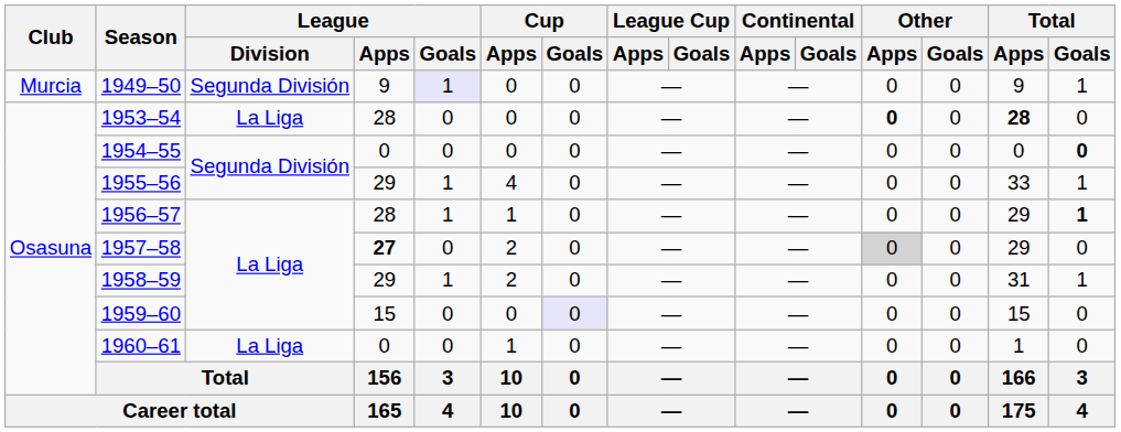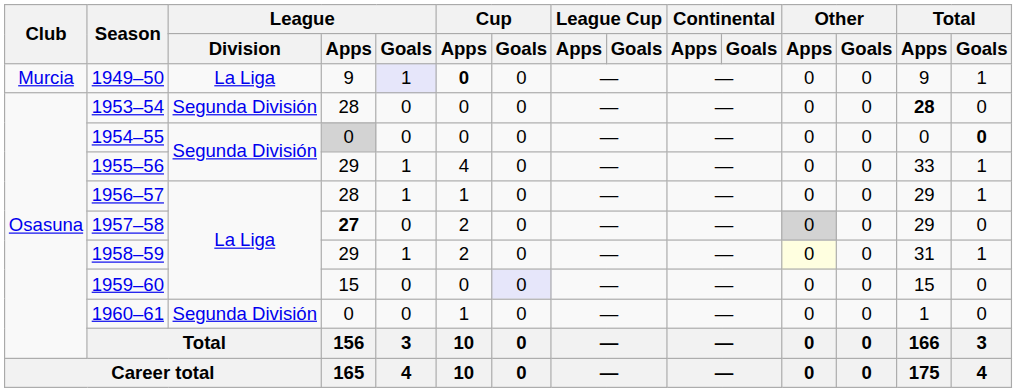 <table class="wikitable" style="text-align:center">
 <tr>
 <th rowspan="2">Club</th>
 <th rowspan="2">Season</th>
 <th colspan="3">League</th>
 <th colspan="2">Cup</th>
 <th colspan="2">League Cup</th>
 <th colspan="2">Continental</th>
 <th colspan="2">Other</th>
 <th colspan="2">Total</th>
 </tr>
 <tr>
 <th>Division</th>
 <th>Apps</th>
 <th>Goals</th>
 <th>Apps</th>
 <th>Goals</th>
 <th>Apps</th>
 <th>Goals</th>
 <th>Apps</th>
 <th>Goals</th>
 <th>Apps</th>
 <th>Goals</th>
 <th>Apps</th>
 <th>Goals</th>
 </tr>
 <tr>
 <td rowspan="1"><a href='#'>Murcia</a></td>
 <td><a href='#'>1949–50</a></td>
-<td rowspan="1"><a href='#'>Segunda División</a></td>
+<td rowspan="1"><a href='#'>La Liga</a></td>
 <td>9</td>
 <td style="background: lavender;">1</td>
-<td>0</td>
+<td><strong>0</strong></td>
 <td>0</td>
 <td colspan="2">—</td>
 <td colspan="2">—</td>
 <td>0</td>
 <td>0</td>
 <td>9</td>
 <td>1</td>
 </tr>
 <tr>
 <td rowspan="9"><a href='#'>Osasuna</a></td>
 <td><a href='#'>1953–54</a></td>
-<td rowspan="1"><a href='#'>La Liga</a></td>
+<td rowspan="1"><a href='#'>Segunda División</a></td>
 <td>28</td>
 <td>0</td>
 <td>0</td>
 <td>0</td>
 <td colspan="2">—</td>
 <td colspan="2">—</td>
-<td><strong>0</strong></td>
+<td>0</td>
 <td>0</td>
 <td><strong>28</strong></td>
 <td>0</td>
 </tr>
 <tr>
 <td><a href='#'>1954–55</a></td>
 <td rowspan="2"><a href='#'>Segunda División</a></td>
-<td>0</td>
+<td style="background: lightgrey;">0</td>
 <td>0</td>
 <td>0</td>
 <td>0</td>
 <td colspan="2">—</td>
 <td colspan="2">—</td>
 <td>0</td>
 <td>0</td>
 <td>0</td>
 <td><strong>0</strong></td>
 </tr>
 <tr>
 <td><a href='#'>1955–56</a></td>
 <td>29</td>
 <td>1</td>
 <td>4</td>
 <td>0</td>
 <td colspan="2">—</td>
 <td colspan="2">—</td>
 <td>0</td>
 <td>0</td>
 <td>33</td>
 <td>1</td>
 </tr>
 <tr>
 <td><a href='#'>1956–57</a></td>
 <td rowspan="4"><a href='#'>La Liga</a></td>
 <td>28</td>
 <td>1</td>
 <td>1</td>
 <td>0</td>
 <td colspan="2">—</td>
 <td colspan="2">—</td>
 <td>0</td>
 <td>0</td>
 <td>29</td>
-<td><strong>1</strong></td>
+<td>1</td>
 </tr>
 <tr>
 <td><a href='#'>1957–58</a></td>
 <td><strong>27</strong></td>
 <td>0</td>
 <td>2</td>
 <td>0</td>
 <td colspan="2">—</td>
 <td colspan="2">—</td>
 <td style="background: lightgrey;">0</td>
 <td>0</td>
 <td>29</td>
 <td>0</td>
 </tr>
 <tr>
 <td><a href='#'>1958–59</a></td>
 <td>29</td>
 <td>1</td>
 <td>2</td>
 <td>0</td>
 <td colspan="2">—</td>
 <td colspan="2">—</td>
-<td>0</td>
+<td style="background: lightyellow;">0</td>
 <td>0</td>
 <td>31</td>
 <td>1</td>
 </tr>
 <tr>
 <td><a href='#'>1959–60</a></td>
 <td>15</td>
 <td>0</td>
 <td>0</td>
 <td style="background: lavender;">0</td>
 <td colspan="2">—</td>
 <td colspan="2">—</td>
 <td>0</td>
 <td>0</td>
 <td>15</td>
 <td>0</td>
 </tr>
 <tr>
 <td><a href='#'>1960–61</a></td>
-<td rowspan="1"><a href='#'>La Liga</a></td>
+<td rowspan="1"><a href='#'>Segunda División</a></td>
 <td>0</td>
 <td>0</td>
 <td>1</td>
 <td>0</td>
 <td colspan="2">—</td>
 <td colspan="2">—</td>
 <td>0</td>
 <td>0</td>
 <td>1</td>
 <td>0</td>
 </tr>
 <tr>
 <th colspan="2">Total</th>
 <th>156</th>
 <th>3</th>
 <th>10</th>
 <th>0</th>
 <th colspan="2">—</th>
 <th colspan="2">—</th>
 <th>0</th>
 <th>0</th>
 <th>166</th>
 <th>3</th>
 </tr>
 <tr>
 <th colspan="3">Career total</th>
 <th>165</th>
 <th>4</th>
 <th>10</th>
 <th>0</th>
 <th colspan="2">—</th>
 <th colspan="2">—</th>
 <th>0</th>
 <th>0</th>
 <th>175</th>
 <th>4</th>
 </tr>
 </table>
